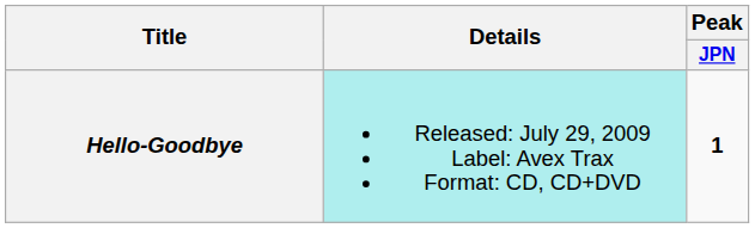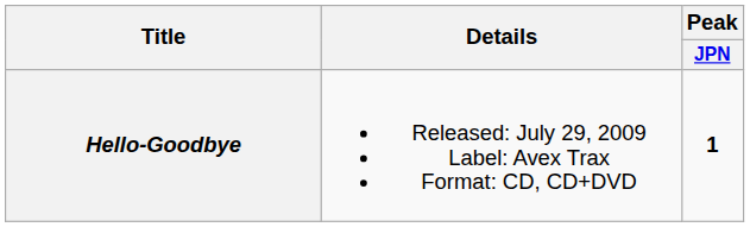 <table class="wikitable plainrowheaders" style="text-align:center;">
 <tr>
 <th scope="col" rowspan="2" style="width:14em;">Title</th>
 <th scope="col" rowspan="2" style="width:16em;">Details</th>
 <th scope="col" colspan="1">Peak</th>
 </tr>
 <tr>
 <th scope="col" style="width:2.5em;font-size:85%;"><a href='#'>JPN</a><br></th>
 </tr>
 <tr>
 <th scope="row"><em>Hello-Goodbye</em></th>
-<td style="background: paleturquoise;"><br><ul><li>Released: July 29, 2009</li><li>Label: Avex Trax</li><li>Format: CD, CD+DVD</li></ul></td>
+<td><br><ul><li>Released: July 29, 2009</li><li>Label: Avex Trax</li><li>Format: CD, CD+DVD</li></ul></td>
 <td><strong>1</strong></td>
 </tr>
 </table>
